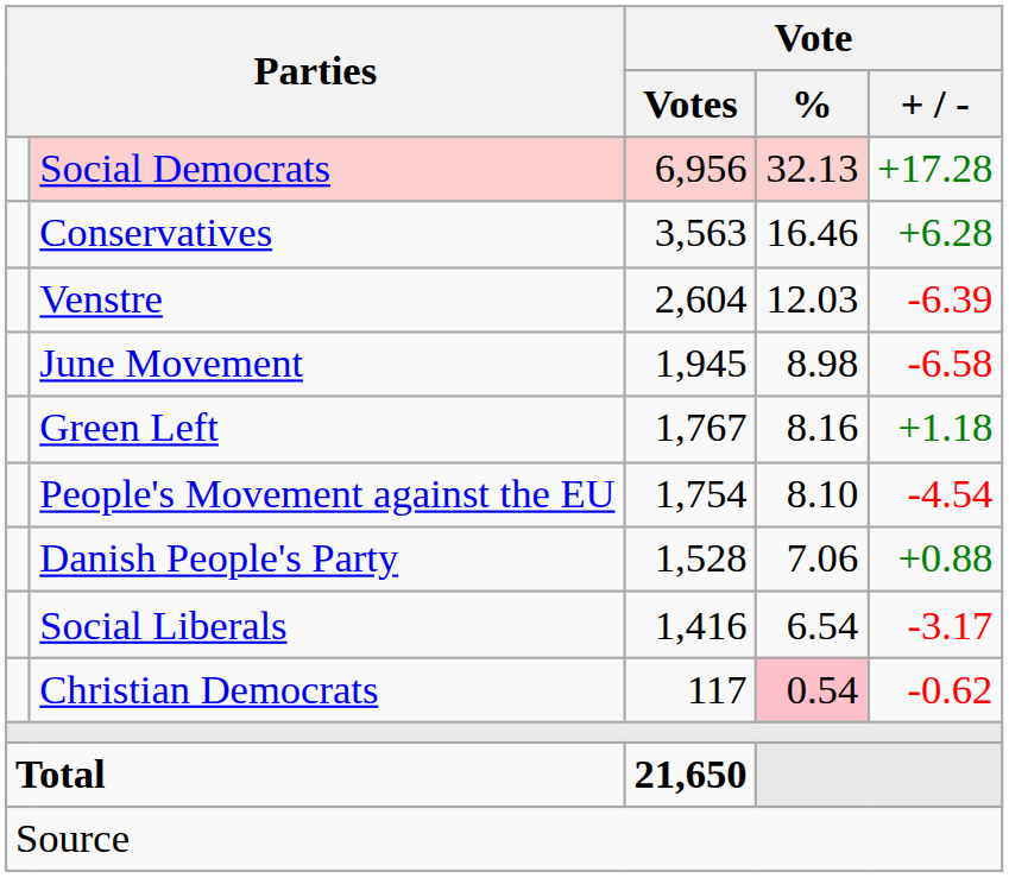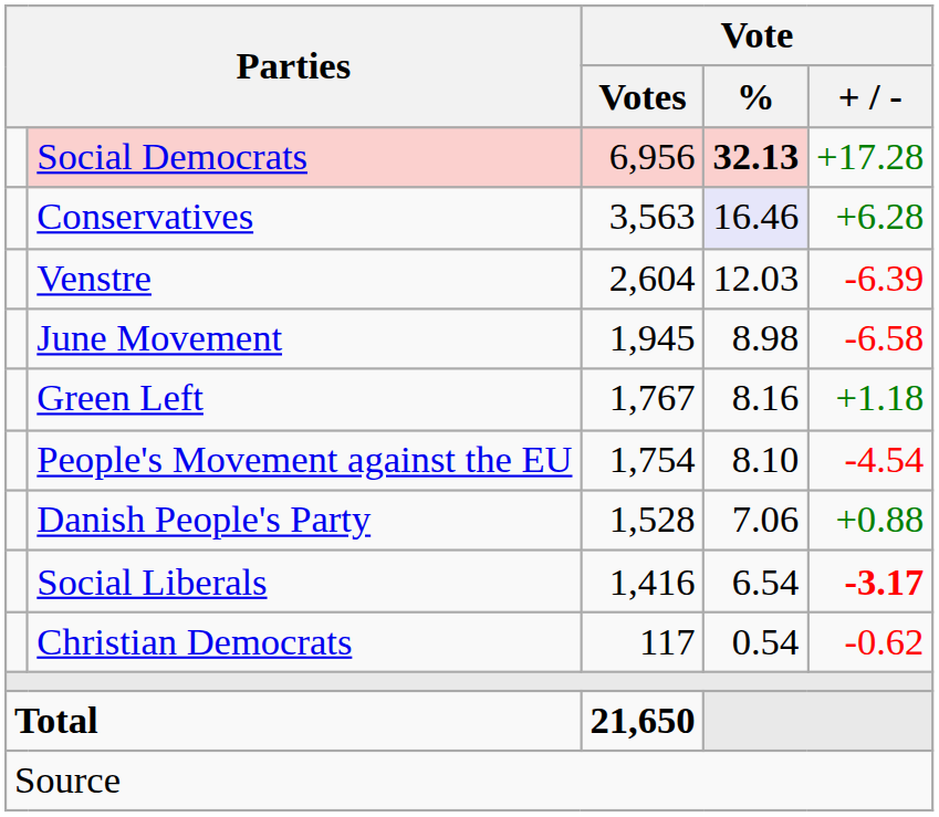 <table class="wikitable" style="text-align:right;">
 <tr>
 <th style="text-align:centre;" rowspan="2" colspan="2" width="225">Parties</th>
 <th colspan="3">Vote</th>
 </tr>
 <tr>
 <th width="15">Votes</th>
 <th width="15">%</th>
 <th width="15">+ / -</th>
 </tr>
 <tr>
 <td width="2" style="color:inherit;background:"></td>
 <td bgcolor=#fbd0ce   align="left"><a href='#'>Social Democrats</a></td>
 <td bgcolor=#fbd0ce>6,956</td>
-<td bgcolor=#fbd0ce>32.13</td>
+<td bgcolor=#fbd0ce><strong>32.13</strong></td>
 <td style=color:green;>+17.28</td>
 </tr>
 <tr>
 <td width="2" style="color:inherit;background:"></td>
 <td align="left"><a href='#'>Conservatives</a></td>
 <td>3,563</td>
-<td>16.46</td>
+<td style="background: lavender;">16.46</td>
 <td style=color:green;>+6.28</td>
 </tr>
 <tr>
 <td width="2" style="color:inherit;background:"></td>
 <td align="left"><a href='#'>Venstre</a></td>
 <td>2,604</td>
 <td>12.03</td>
 <td style=color:red;>-6.39</td>
 </tr>
 <tr>
 <td width="2" style="color:inherit;background:"></td>
 <td align="left"><a href='#'>June Movement</a></td>
 <td>1,945</td>
 <td>8.98</td>
 <td style=color:red;>-6.58</td>
 </tr>
 <tr>
 <td width="2" style="color:inherit;background:"></td>
 <td align="left"><a href='#'>Green Left</a></td>
 <td>1,767</td>
 <td>8.16</td>
 <td style=color:green;>+1.18</td>
 </tr>
 <tr>
 <td width="2" style="color:inherit;background:"></td>
 <td align="left"><a href='#'>People's Movement against the EU</a></td>
 <td>1,754</td>
 <td>8.10</td>
 <td style=color:red;>-4.54</td>
 </tr>
 <tr>
 <td width="2" style="color:inherit;background:"></td>
 <td align="left"><a href='#'>Danish People's Party</a></td>
 <td>1,528</td>
 <td>7.06</td>
 <td style=color:green;>+0.88</td>
 </tr>
 <tr>
 <td width="2" style="color:inherit;background:"></td>
 <td align="left"><a href='#'>Social Liberals</a></td>
 <td>1,416</td>
 <td>6.54</td>
-<td style=color:red;>-3.17</td>
+<td style=color:red;><strong>-3.17</strong></td>
 </tr>
 <tr>
 <td width="2" style="color:inherit;background:"></td>
 <td align="left"><a href='#'>Christian Democrats</a></td>
 <td>117</td>
-<td style="background: pink;">0.54</td>
+<td>0.54</td>
 <td style=color:red;>-0.62</td>
 </tr>
 <tr>
 <td colspan="7" bgcolor="#E9E9E9"></td>
 </tr>
 <tr>
 <td align="left" colspan="2"><strong>Total</strong></td>
 <td><strong>21,650</strong></td>
 <td bgcolor="#E9E9E9" colspan="2"></td>
 </tr>
 <tr>
 <td align="left" colspan="6">Source</td>
 </tr>
 </table>
